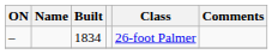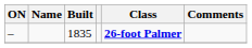 <table class="wikitable">
 <tr>
 <th>ON</th>
 <th>Name</th>
 <th>Built</th>
 <th></th>
 <th>Class</th>
 <th>Comments</th>
 </tr>
 <tr>
 <td>–</td>
 <td></td>
-<td>1834</td>
+<td>1835</td>
 <td></td>
-<td><a href='#'>26-foot Palmer</a></td>
+<td><strong><a href='#'>26-foot Palmer</a></strong></td>
 <td></td>
 </tr>
 <tr>
 </tr>
 </table>
